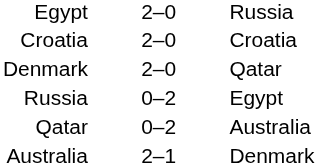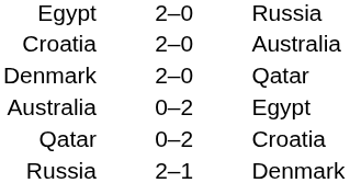 <table style="text-align:center">
 <tr>
 <th width=200></th>
 <th width=100></th>
 <th width=200></th>
 </tr>
 <tr>
 <td align=right>Egypt</td>
 <td>2–0</td>
 <td align=left>Russia</td>
 </tr>
 <tr>
 <td align=right>Croatia</td>
 <td>2–0</td>
-<td align=left>Croatia</td>
+<td align=left>Australia</td>
 </tr>
 <tr>
 <td align=right>Denmark</td>
 <td>2–0</td>
 <td align=left>Qatar</td>
 </tr>
 <tr>
-<td align=right>Russia</td>
+<td align=right>Australia</td>
 <td>0–2</td>
 <td align=left>Egypt</td>
 </tr>
 <tr>
 <td align=right>Qatar</td>
 <td>0–2</td>
-<td align=left>Australia</td>
+<td align=left>Croatia</td>
 </tr>
 <tr>
-<td align=right>Australia</td>
+<td align=right>Russia</td>
 <td>2–1</td>
 <td align=left>Denmark</td>
 </tr>
 <tr>
 </tr>
 </table>
